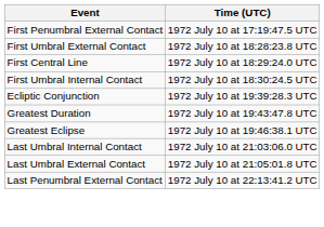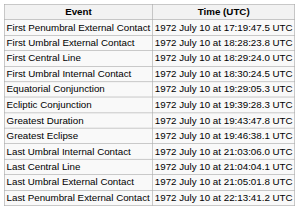 <table class="wikitable">
 <tr>
 <th>Event</th>
 <th>Time (UTC)</th>
 </tr>
 <tr>
 <td>First Penumbral External Contact</td>
 <td>1972 July 10 at 17:19:47.5 UTC</td>
 </tr>
 <tr>
 <td>First Umbral External Contact</td>
 <td>1972 July 10 at 18:28:23.8 UTC</td>
 </tr>
 <tr>
 <td>First Central Line</td>
 <td>1972 July 10 at 18:29:24.0 UTC</td>
 </tr>
 <tr>
 <td>First Umbral Internal Contact</td>
 <td>1972 July 10 at 18:30:24.5 UTC</td>
 </tr>
 <tr>
+<td>Equatorial Conjunction</td>
+<td>1972 July 10 at 19:29:05.3 UTC</td>
+</tr>
+<tr>
 <td>Ecliptic Conjunction</td>
 <td>1972 July 10 at 19:39:28.3 UTC</td>
 </tr>
 <tr>
 <td>Greatest Duration</td>
 <td>1972 July 10 at 19:43:47.8 UTC</td>
 </tr>
 <tr>
 <td>Greatest Eclipse</td>
 <td>1972 July 10 at 19:46:38.1 UTC</td>
 </tr>
 <tr>
 <td>Last Umbral Internal Contact</td>
 <td>1972 July 10 at 21:03:06.0 UTC</td>
 </tr>
 <tr>
+<td>Last Central Line</td>
+<td>1972 July 10 at 21:04:04.1 UTC</td>
+</tr>
+<tr>
 <td>Last Umbral External Contact</td>
 <td>1972 July 10 at 21:05:01.8 UTC</td>
 </tr>
 <tr>
 <td>Last Penumbral External Contact</td>
 <td>1972 July 10 at 22:13:41.2 UTC</td>
 </tr>
 </table>
